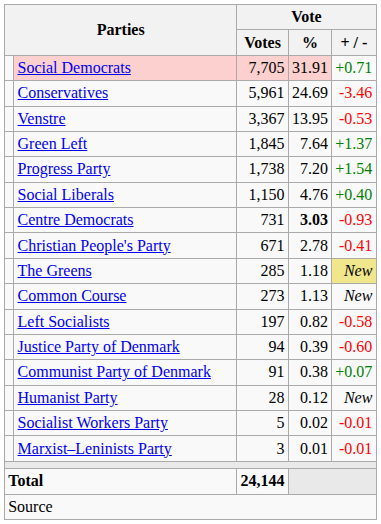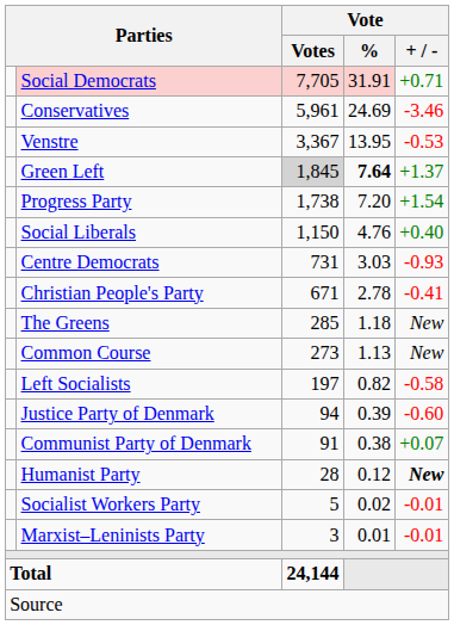 <table class="wikitable" style="text-align:right;">
 <tr>
 <th style="text-align:centre;" rowspan="2" colspan="2" width="225">Parties</th>
 <th colspan="3">Vote</th>
 </tr>
 <tr>
 <th width="15">Votes</th>
 <th width="15">%</th>
 <th width="15">+ / -</th>
 </tr>
 <tr>
 <td width="2" style="color:inherit;background:"></td>
 <td bgcolor=#fbd0ce  align="left"><a href='#'>Social Democrats</a></td>
 <td bgcolor=#fbd0ce>7,705</td>
 <td bgcolor=#fbd0ce>31.91</td>
 <td style=color:green;>+0.71</td>
 </tr>
 <tr>
 <td width="2" style="color:inherit;background:"></td>
 <td align="left"><a href='#'>Conservatives</a></td>
 <td>5,961</td>
 <td>24.69</td>
 <td style=color:red;>-3.46</td>
 </tr>
 <tr>
 <td width="2" style="color:inherit;background:"></td>
 <td align="left"><a href='#'>Venstre</a></td>
 <td>3,367</td>
 <td>13.95</td>
 <td style=color:red;>-0.53</td>
 </tr>
 <tr>
 <td width="2" style="color:inherit;background:"></td>
 <td align="left"><a href='#'>Green Left</a></td>
-<td>1,845</td>
-<td>7.64</td>
+<td style="background: lightgrey;">1,845</td>
+<td><strong>7.64</strong></td>
 <td style=color:green;>+1.37</td>
 </tr>
 <tr>
 <td width="2" style="color:inherit;background:"></td>
 <td align="left"><a href='#'>Progress Party</a></td>
 <td>1,738</td>
 <td>7.20</td>
 <td style=color:green;>+1.54</td>
 </tr>
 <tr>
 <td width="2" style="color:inherit;background:"></td>
 <td align="left"><a href='#'>Social Liberals</a></td>
 <td>1,150</td>
 <td>4.76</td>
 <td style=color:green;>+0.40</td>
 </tr>
 <tr>
 <td width="2" style="color:inherit;background:"></td>
 <td align="left"><a href='#'>Centre Democrats</a></td>
 <td>731</td>
-<td><strong>3.03</strong></td>
+<td>3.03</td>
 <td style=color:red;>-0.93</td>
 </tr>
 <tr>
 <td width="2" style="color:inherit;background:"></td>
 <td align="left"><a href='#'>Christian People's Party</a></td>
 <td>671</td>
 <td>2.78</td>
 <td style=color:red;>-0.41</td>
 </tr>
 <tr>
 <td width="2" style="color:inherit;background:"></td>
 <td align="left"><a href='#'>The Greens</a></td>
 <td>285</td>
 <td>1.18</td>
-<td style="background: khaki;"><em>New</em></td>
+<td><em>New</em></td>
 </tr>
 <tr>
 <td width="2" style="color:inherit;background:"></td>
 <td align="left"><a href='#'>Common Course</a></td>
 <td>273</td>
 <td>1.13</td>
 <td><em>New</em></td>
 </tr>
 <tr>
 <td width="2" style="color:inherit;background:"></td>
 <td align="left"><a href='#'>Left Socialists</a></td>
 <td>197</td>
 <td>0.82</td>
 <td style=color:red;>-0.58</td>
 </tr>
 <tr>
 <td width="2" style="color:inherit;background:"></td>
 <td align="left"><a href='#'>Justice Party of Denmark</a></td>
 <td>94</td>
 <td>0.39</td>
 <td style=color:red;>-0.60</td>
 </tr>
 <tr>
 <td width="2" style="color:inherit;background:"></td>
 <td align="left"><a href='#'>Communist Party of Denmark</a></td>
 <td>91</td>
 <td>0.38</td>
 <td style=color:green;>+0.07</td>
 </tr>
 <tr>
 <td width="2" style="color:inherit;background:"></td>
 <td align="left"><a href='#'>Humanist Party</a></td>
 <td>28</td>
 <td>0.12</td>
-<td><em>New</em></td>
+<td><strong><em>New</em></strong></td>
 </tr>
 <tr>
 <td width="2" style="color:inherit;background:"></td>
 <td align="left"><a href='#'>Socialist Workers Party</a></td>
 <td>5</td>
 <td>0.02</td>
 <td style=color:red;>-0.01</td>
 </tr>
 <tr>
 <td width="2" style="color:inherit;background:"></td>
 <td align="left"><a href='#'>Marxist–Leninists Party</a></td>
 <td>3</td>
 <td>0.01</td>
 <td style=color:red;>-0.01</td>
 </tr>
 <tr>
 <td colspan="7" bgcolor="#E9E9E9"></td>
 </tr>
 <tr>
 <td align="left" colspan="2"><strong>Total</strong></td>
 <td><strong>24,144</strong></td>
 <td bgcolor="#E9E9E9" colspan="2"></td>
 </tr>
 <tr>
 <td align="left" colspan="6">Source</td>
 </tr>
 </table>
